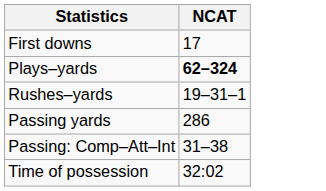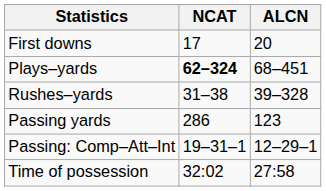 <table class="wikitable">
 <tr>
 <th>Statistics</th>
 <th>NCAT</th>
+<th>ALCN</th>
 </tr>
 <tr>
 <td>First downs</td>
 <td>17</td>
+<td>20</td>
 </tr>
 <tr>
 <td>Plays–yards</td>
 <td><strong>62–324</strong></td>
+<td>68–451</td>
 </tr>
 <tr>
 <td>Rushes–yards</td>
-<td>19–31–1</td>
+<td>31–38</td>
+<td>39–328</td>
 </tr>
 <tr>
 <td>Passing yards</td>
 <td>286</td>
+<td>123</td>
 </tr>
 <tr>
 <td>Passing: Comp–Att–Int</td>
-<td>31–38</td>
+<td>19–31–1</td>
+<td>12–29–1</td>
 </tr>
 <tr>
 <td>Time of possession</td>
 <td>32:02</td>
+<td>27:58</td>
 </tr>
 </table>
